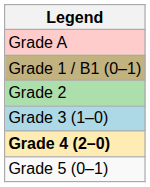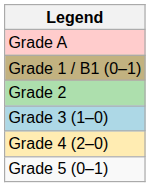 <table class="wikitable" style="font-size:85%;">
 <tr>
 <th>Legend</th>
 </tr>
 <tr bgcolor=ffcccc>
 <td>Grade A</td>
 </tr>
 <tr bgcolor="C2B280">
 <td>Grade 1 / B1 (0–1)</td>
 </tr>
 <tr bgcolor="ADDFAD">
 <td>Grade 2</td>
 </tr>
 <tr bgcolor="lightblue">
 <td>Grade 3 (1–0)</td>
 </tr>
 <tr bgcolor="ffecb2">
-<td><strong>Grade 4 (2–0)</strong></td>
+<td>Grade 4 (2–0)</td>
 </tr>
 <tr>
 <td>Grade 5 (0–1)</td>
 </tr>
 </table>
